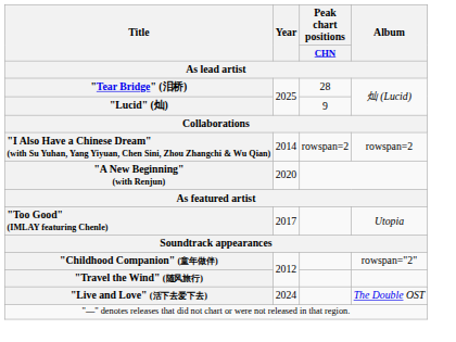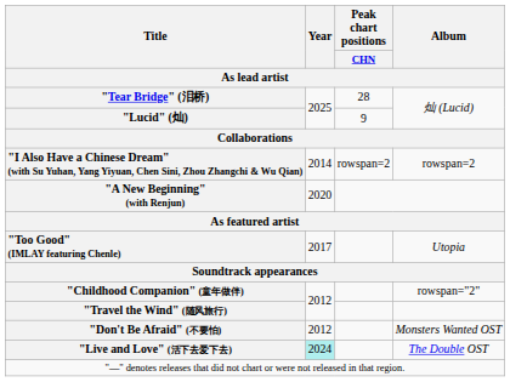 <table class="wikitable plainrowheaders" style="text-align:center">
 <tr>
 <th rowspan="2" scope="col">Title</th>
 <th rowspan="2" scope="col">Year</th>
 <th rowspan="1" scope="col">Peak chart<br>positions</th>
 <th rowspan="2" scope="col">Album</th>
 </tr>
 <tr>
 <th scope="col" style="width:3em;font-size:90%"><a href='#'>CHN</a><br></th>
 </tr>
 <tr>
 <th colspan="4">As lead artist</th>
 </tr>
 <tr>
 <th scope="row">"<a href='#'>Tear Bridge</a>" (泪桥)</th>
 <td rowspan=2>2025</td>
 <td>28</td>
 <td rowspan=2><em>灿 (Lucid)</em></td>
 </tr>
 <tr>
 <th scope="row">"Lucid" (灿)</th>
 <td>9</td>
 </tr>
 <tr>
 <th colspan="4">Collaborations</th>
 </tr>
 <tr>
 <th scope="row" style="text-align: left">"I Also Have a Chinese Dream" <br><small>(with Su Yuhan, Yang Yiyuan, Chen Sini, Zhou Zhangchi & Wu Qian) </small></th>
 <td>2014</td>
 <td>rowspan=2 </td>
 <td>rowspan=2 </td>
 </tr>
 <tr>
 <th scope="row">"A New Beginning" <br><small>(with Renjun)</small></th>
 <td>2020</td>
 </tr>
 <tr>
 <th colspan="4">As featured artist</th>
 </tr>
 <tr>
 <th scope="row" style="text-align: left">"Too Good"<br><small>(IMLAY featuring Chenle)</small></th>
 <td>2017</td>
 <td></td>
 <td><em>Utopia</em></td>
 </tr>
 <tr>
 <th colspan="4">Soundtrack appearances</th>
 </tr>
 <tr>
 <th scope="row">"Childhood Companion" <small>(童年做伴)</small></th>
 <td rowspan="2">2012</td>
 <td></td>
 <td>rowspan="2" </td>
 </tr>
 <tr>
 <th scope="row">"Travel the Wind" <small>(随风旅行)</small></th>
 <td></td>
 </tr>
 <tr>
+<th scope="row">"Don't Be Afraid" <small>(不要怕)</small></th>
+<td> 2012</td>
+<td></td>
+<td><em>Monsters Wanted OST</em></td>
+</tr>
+<tr>
 <th scope="row">"Live and Love" <small>(活下去爱下去)</small></th>
-<td>2024</td>
+<td style="background: paleturquoise;">2024</td>
 <td></td>
 <td><em><a href='#'>The Double</a> OST</em></td>
 </tr>
 <tr>
 <td colspan="4" style="font-size:85%">"—" denotes releases that did not chart or were not released in that region.</td>
 </tr>
 </table>
